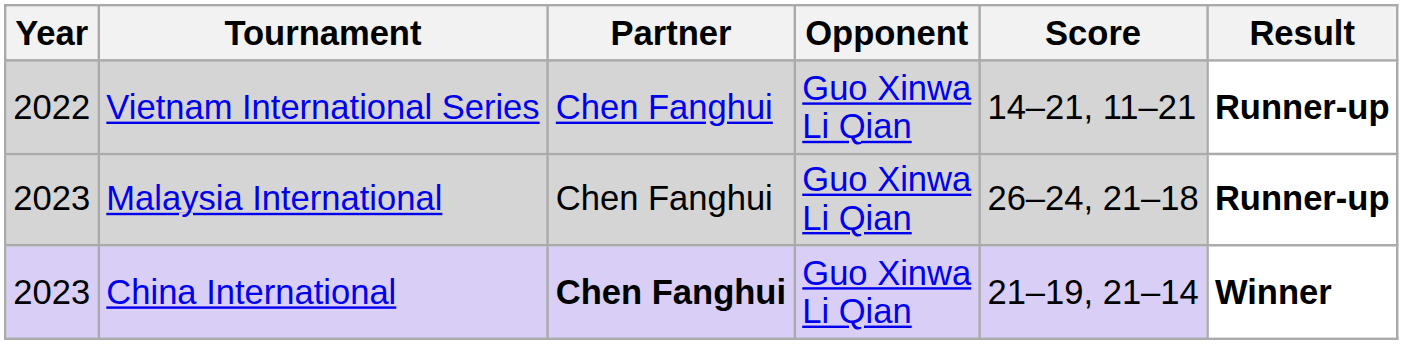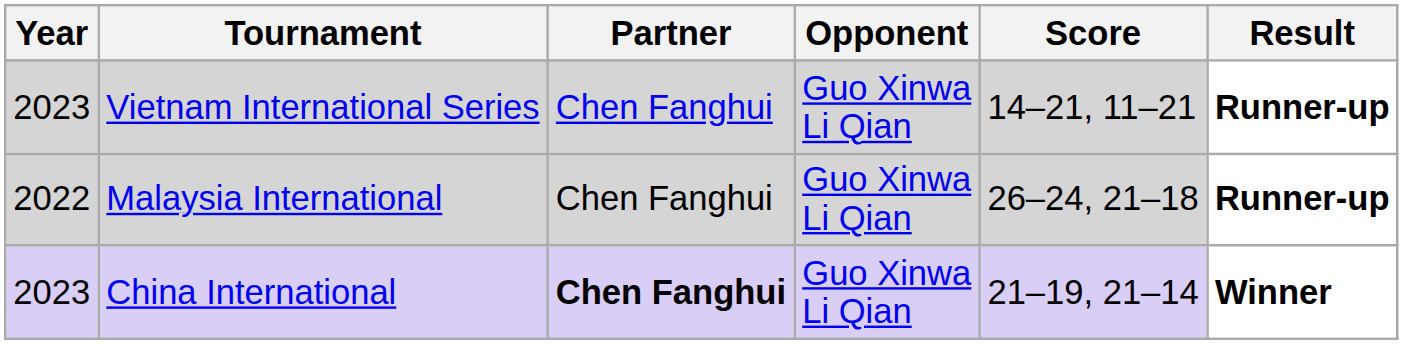 <table class="sortable wikitable" style="font-size: 90%;">
 <tr>
 <th>Year</th>
 <th>Tournament</th>
 <th>Partner</th>
 <th>Opponent</th>
 <th>Score</th>
 <th>Result</th>
 </tr>
 <tr style="background:#D5D5D5">
-<td align="center">2022</td>
+<td align="center">2023</td>
 <td align="left"><a href='#'>Vietnam International Series</a></td>
 <td align="left"> <a href='#'>Chen Fanghui</a></td>
 <td align="left"> <a href='#'>Guo Xinwa</a><br> <a href='#'>Li Qian</a></td>
 <td align="left">14–21, 11–21</td>
 <td style="text-align:left; background:white"> <strong>Runner-up</strong></td>
 </tr>
 <tr style="background:#D5D5D5">
-<td align="center">2023</td>
+<td align="center">2022</td>
 <td align="left"><a href='#'>Malaysia International</a></td>
 <td align="left"> Chen Fanghui</td>
 <td align="left"> <a href='#'>Guo Xinwa</a><br> <a href='#'>Li Qian</a></td>
 <td align="left">26–24, 21–18</td>
 <td style="text-align:left; background:white"> <strong>Runner-up</strong></td>
 </tr>
 <tr style="background:#D8CEF6">
 <td align="center">2023</td>
 <td align="left"><a href='#'>China International</a></td>
 <td align="left"><strong> Chen Fanghui</strong></td>
 <td align="left"> <a href='#'>Guo Xinwa</a><br> <a href='#'>Li Qian</a></td>
 <td align="left">21–19, 21–14</td>
 <td style="text-align:left; background:white"> <strong>Winner</strong></td>
 </tr>
 </table>
